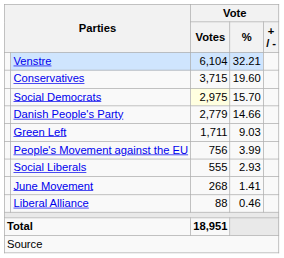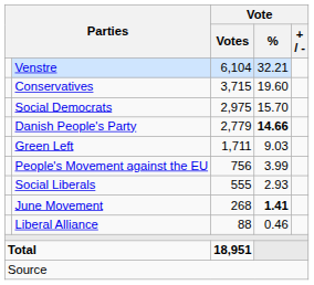 <table class="wikitable" style="text-align:right;">
 <tr>
 <th style="text-align:centre;" rowspan="2" colspan="2" width="225">Parties</th>
 <th colspan="3">Vote</th>
 </tr>
 <tr>
 <th width="15">Votes</th>
 <th width="15">%</th>
 <th width="15">+ / -</th>
 </tr>
 <tr>
 <td width="2" style="color:inherit;background:"></td>
 <td bgcolor=#cfe5fe   align="left"><a href='#'>Venstre</a></td>
 <td bgcolor=#cfe5fe>6,104</td>
 <td bgcolor=#cfe5fe>32.21</td>
 <td></td>
 </tr>
 <tr>
 <td width="2" style="color:inherit;background:"></td>
 <td align="left"><a href='#'>Conservatives</a></td>
 <td>3,715</td>
 <td>19.60</td>
 <td></td>
 </tr>
 <tr>
 <td width="2" style="color:inherit;background:"></td>
 <td align="left"><a href='#'>Social Democrats</a></td>
-<td style="background: lightyellow;">2,975</td>
+<td>2,975</td>
 <td>15.70</td>
 <td></td>
 </tr>
 <tr>
 <td width="2" style="color:inherit;background:"></td>
 <td align="left"><a href='#'>Danish People's Party</a></td>
 <td>2,779</td>
-<td>14.66</td>
+<td><strong>14.66</strong></td>
 <td></td>
 </tr>
 <tr>
 <td width="2" style="color:inherit;background:"></td>
 <td align="left"><a href='#'>Green Left</a></td>
 <td>1,711</td>
 <td>9.03</td>
 <td></td>
 </tr>
 <tr>
 <td width="2" style="color:inherit;background:"></td>
 <td align="left"><a href='#'>People's Movement against the EU</a></td>
 <td>756</td>
 <td>3.99</td>
 <td></td>
 </tr>
 <tr>
 <td width="2" style="color:inherit;background:"></td>
 <td align="left"><a href='#'>Social Liberals</a></td>
 <td>555</td>
 <td>2.93</td>
 <td></td>
 </tr>
 <tr>
 <td width="2" style="color:inherit;background:"></td>
 <td align="left"><a href='#'>June Movement</a></td>
 <td>268</td>
-<td>1.41</td>
+<td><strong>1.41</strong></td>
 <td></td>
 </tr>
 <tr>
 <td width="2" style="color:inherit;background:"></td>
 <td align="left"><a href='#'>Liberal Alliance</a></td>
 <td>88</td>
 <td>0.46</td>
 <td></td>
 </tr>
 <tr>
 <td colspan="7" bgcolor="#E9E9E9"></td>
 </tr>
 <tr>
 <td align="left" colspan="2"><strong>Total</strong></td>
 <td><strong>18,951</strong></td>
 <td bgcolor="#E9E9E9" colspan="2"></td>
 </tr>
 <tr>
 <td align="left" colspan="6">Source</td>
 </tr>
 </table>
